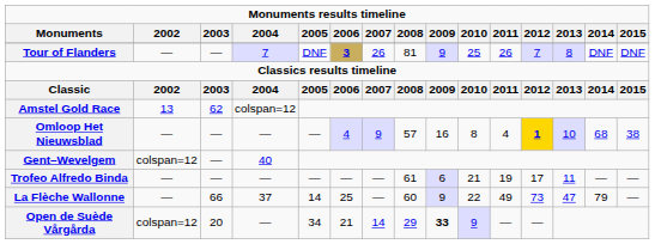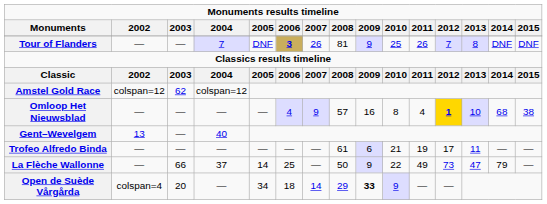 <table class="wikitable plainrowheaders">
 <tr>
 <td colspan=20 align=center><strong>Monuments results timeline</strong></td>
 </tr>
 <tr style="background:#EEEEEE;">
 <th>Monuments</th>
 <th>2002</th>
 <th>2003</th>
 <th>2004</th>
 <th>2005</th>
 <th>2006</th>
 <th>2007</th>
 <th>2008</th>
 <th>2009</th>
 <th>2010</th>
 <th>2011</th>
 <th>2012</th>
 <th>2013</th>
 <th>2014</th>
 <th>2015</th>
 </tr>
 <tr>
 </tr>
 <tr style="text-align:center;">
 <th scope="row"><a href='#'>Tour of Flanders</a></th>
 <td>—</td>
 <td>—</td>
 <td style="background:#ddf;"><a href='#'>7</a></td>
 <td><a href='#'>DNF</a></td>
 <th style="background:#C9AE5D;"><a href='#'>3</a></th>
 <td><a href='#'>26</a></td>
 <td>81</td>
 <td style="background:#ddf;"><a href='#'>9</a></td>
 <td><a href='#'>25</a></td>
 <td><a href='#'>26</a></td>
 <td style="background:#ddf;"><a href='#'>7</a></td>
 <td style="background:#ddf;"><a href='#'>8</a></td>
 <td><a href='#'>DNF</a></td>
 <td><a href='#'>DNF</a></td>
 </tr>
 <tr style="text-align:center;">
 <td colspan=20 align=center><strong>Classics results timeline</strong></td>
 </tr>
 <tr style="background:#EEEEEE;">
 <th>Classic</th>
 <th>2002</th>
 <th>2003</th>
 <th>2004</th>
 <th>2005</th>
 <th>2006</th>
 <th>2007</th>
 <th>2008</th>
 <th>2009</th>
 <th>2010</th>
 <th>2011</th>
 <th>2012</th>
 <th>2013</th>
 <th>2014</th>
 <th>2015</th>
 </tr>
 <tr style="text-align:center;">
 <th scope="row"><a href='#'>Amstel Gold Race</a></th>
-<td><a href='#'>13</a></td>
+<td>colspan=12 </td>
 <td><a href='#'>62</a></td>
 <td>colspan=12 </td>
 </tr>
 <tr style="text-align:center;">
 <th scope="row"><a href='#'>Omloop Het Nieuwsblad</a></th>
 <td>—</td>
 <td>—</td>
 <td>—</td>
 <td>—</td>
 <td style="background:#ddf;"><a href='#'>4</a></td>
 <td style="background:#ddf;"><a href='#'>9</a></td>
 <td>57</td>
 <td>16</td>
 <td>8</td>
 <td>4</td>
 <th style="background:gold;"><a href='#'>1</a></th>
 <td style="background:#ddf;"><a href='#'>10</a></td>
 <td><a href='#'>68</a></td>
 <td><a href='#'>38</a></td>
 </tr>
 <tr style="text-align:center;">
 <th scope="row"><a href='#'>Gent–Wevelgem</a></th>
-<td>colspan=12 </td>
+<td><a href='#'>13</a></td>
 <td>—</td>
 <td><a href='#'>40</a></td>
 </tr>
 <tr style="text-align:center;">
 <th scope="row"><a href='#'>Trofeo Alfredo Binda</a></th>
 <td>—</td>
 <td>—</td>
 <td>—</td>
 <td>—</td>
 <td>—</td>
 <td>—</td>
 <td>61</td>
 <td style="background:#ddf;">6</td>
 <td>21</td>
 <td>19</td>
 <td>17</td>
 <td><a href='#'>11</a></td>
 <td>—</td>
 <td>—</td>
 </tr>
 <tr style="text-align:center;">
 <th scope="row"><a href='#'>La Flèche Wallonne</a></th>
 <td>—</td>
 <td>66</td>
 <td>37</td>
 <td>14</td>
 <td>25</td>
 <td>—</td>
-<td>60</td>
+<td>50</td>
 <td style="background:#ddf;">9</td>
 <td>22</td>
 <td>49</td>
 <td><a href='#'>73</a></td>
 <td><a href='#'>47</a></td>
 <td>79</td>
 <td>—</td>
 </tr>
 <tr style="text-align:center;">
 <th scope="row"><a href='#'>Open de Suède Vårgårda</a></th>
-<td>colspan=12 </td>
+<td>colspan=4 </td>
 <td>20</td>
 <td>—</td>
 <td>34</td>
-<td>21</td>
+<td>18</td>
 <td><a href='#'>14</a></td>
 <td><a href='#'>29</a></td>
 <td><strong>33</strong></td>
 <td style="background:#ddf;"><a href='#'>9</a></td>
 <td>—</td>
 <td>—</td>
 </tr>
 </table>
